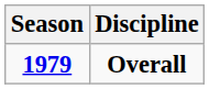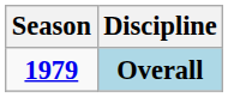 <table class="wikitable">
 <tr>
 <th>Season</th>
 <th>Discipline</th>
 </tr>
 <tr>
 <td align=center><strong><a href='#'>1979</a></strong></td>
-<td align=center><strong>Overall</strong></td>
+<td align=center style="background: lightblue;"><strong>Overall</strong></td>
 </tr>
 </table>
